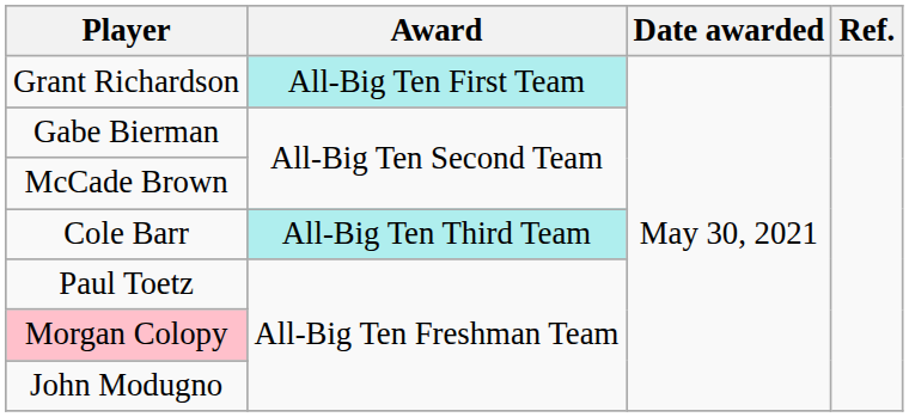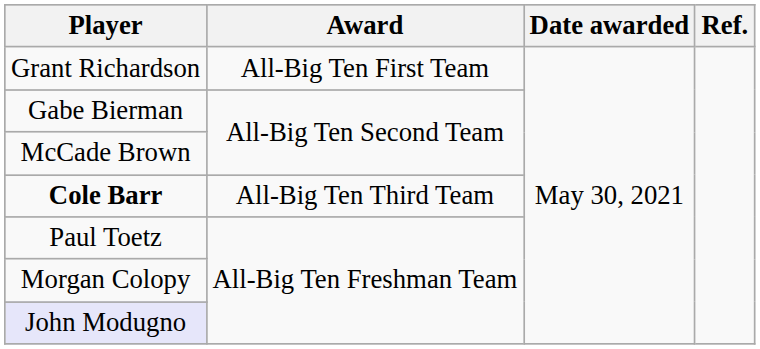 <table class="wikitable sortable sortable" style="text-align: center">
 <tr align=center>
 <th>Player</th>
 <th>Award</th>
 <th>Date awarded</th>
 <th>Ref.</th>
 </tr>
 <tr>
 <td>Grant Richardson</td>
-<td style="background: paleturquoise;">All-Big Ten First Team</td>
+<td>All-Big Ten First Team</td>
 <td rowspan="7">May 30, 2021</td>
 <td rowspan="7"></td>
 </tr>
 <tr>
 <td>Gabe Bierman</td>
 <td rowspan="2">All-Big Ten Second Team</td>
 </tr>
 <tr>
 <td>McCade Brown</td>
 </tr>
 <tr>
-<td>Cole Barr</td>
-<td style="background: paleturquoise;">All-Big Ten Third Team</td>
+<td><strong>Cole Barr</strong></td>
+<td>All-Big Ten Third Team</td>
 </tr>
 <tr>
 <td>Paul Toetz</td>
 <td rowspan="3">All-Big Ten Freshman Team</td>
 </tr>
 <tr>
-<td style="background: pink;">Morgan Colopy</td>
+<td>Morgan Colopy</td>
 </tr>
 <tr>
-<td>John Modugno</td>
+<td style="background: lavender;">John Modugno</td>
 </tr>
 </table>
